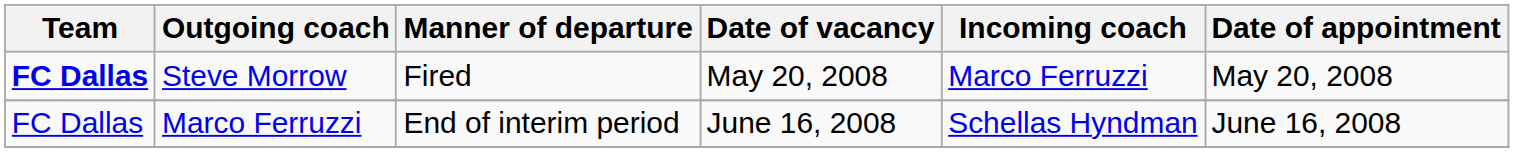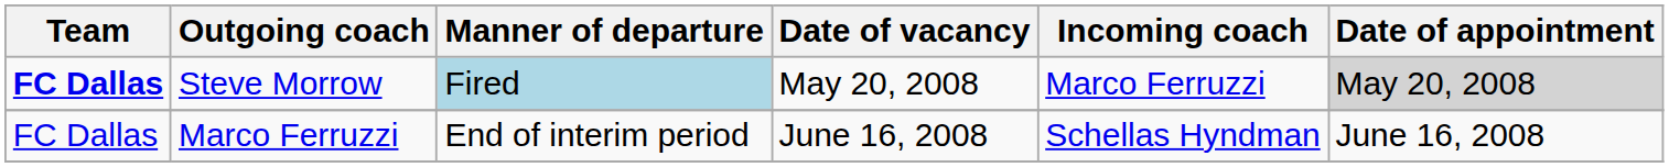 <table class="wikitable sortable">
 <tr>
 <th>Team</th>
 <th>Outgoing coach</th>
 <th>Manner of departure</th>
 <th>Date of vacancy</th>
 <th>Incoming coach</th>
 <th>Date of appointment</th>
 </tr>
 <tr>
 <td><strong><a href='#'>FC Dallas</a></strong></td>
 <td> <a href='#'>Steve Morrow</a></td>
-<td>Fired</td>
+<td style="background: lightblue;">Fired</td>
 <td>May 20, 2008</td>
 <td> <a href='#'>Marco Ferruzzi</a></td>
-<td>May 20, 2008</td>
+<td style="background: lightgrey;">May 20, 2008</td>
 </tr>
 <tr>
 </tr>
 <tr>
 <td><a href='#'>FC Dallas</a></td>
 <td> <a href='#'>Marco Ferruzzi</a></td>
 <td>End of interim period</td>
 <td>June 16, 2008</td>
 <td> <a href='#'>Schellas Hyndman</a></td>
 <td>June 16, 2008</td>
 </tr>
 <tr>
 </tr>
 </table>
